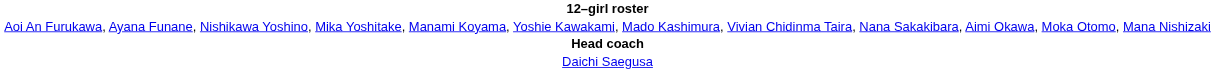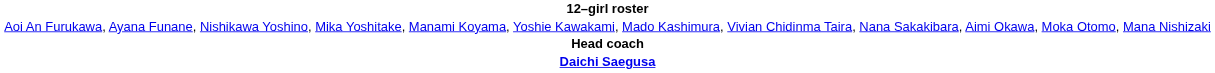 <table style="text-align: center; margin-top: 2em; margin-left: auto; margin-right: auto">
 <tr>
 <td><strong>12–girl roster</strong></td>
 </tr>
 <tr>
 <td><a href='#'>Aoi An Furukawa</a>, <a href='#'>Ayana Funane</a>, <a href='#'>Nishikawa Yoshino</a>, <a href='#'>Mika Yoshitake</a>, <a href='#'>Manami Koyama</a>, <a href='#'>Yoshie Kawakami</a>, <a href='#'>Mado Kashimura</a>, <a href='#'>Vivian Chidinma Taira</a>, <a href='#'>Nana Sakakibara</a>, <a href='#'>Aimi Okawa</a>, <a href='#'>Moka Otomo</a>, <a href='#'>Mana Nishizaki</a></td>
 </tr>
 <tr>
 <td><strong>Head coach</strong></td>
 </tr>
 <tr>
-<td><a href='#'>Daichi Saegusa</a></td>
+<td><strong><a href='#'>Daichi Saegusa</a></strong></td>
 </tr>
 <tr>
 </tr>
 </table>
